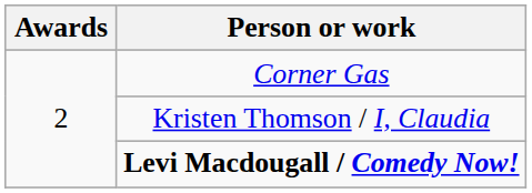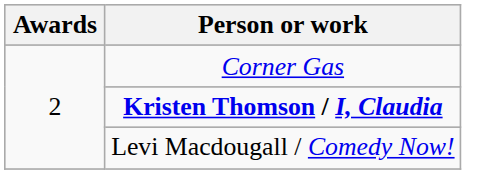 <table class="wikitable sortable" style="text-align:center;" background: #f6e39c;>
 <tr>
 <th scope="col" style="width:55px;">Awards</th>
 <th scope="col" style="text-align:center;">Person or work</th>
 </tr>
 <tr>
 <td rowspan=3 style="text-align:center">2</td>
 <td><em><a href='#'>Corner Gas</a></em></td>
 </tr>
 <tr>
-<td><a href='#'>Kristen Thomson</a> / <em><a href='#'>I, Claudia</a></em></td>
+<td><strong><a href='#'>Kristen Thomson</a> / <em><a href='#'>I, Claudia</a></em></strong></td>
 </tr>
 <tr>
-<td><strong>Levi Macdougall / <em><a href='#'>Comedy Now!</a></em></strong></td>
+<td>Levi Macdougall / <em><a href='#'>Comedy Now!</a></em></td>
 </tr>
 </table>
